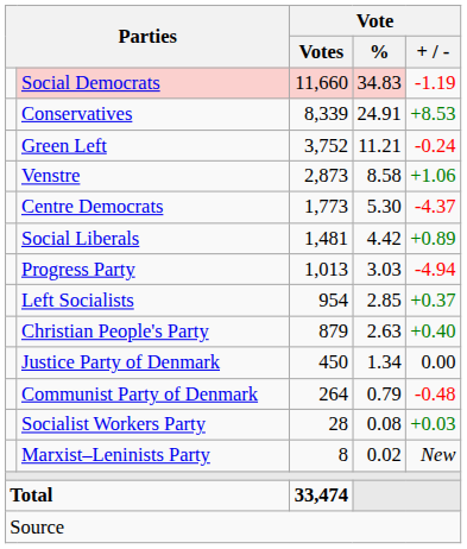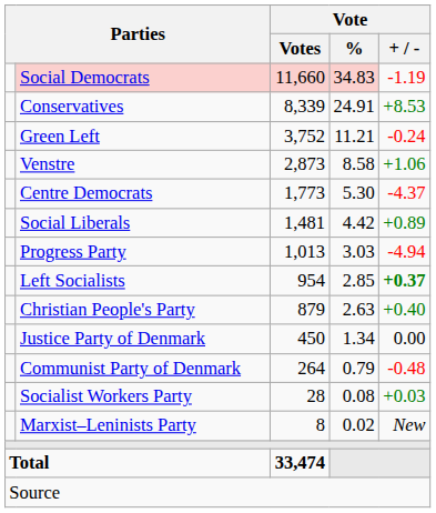 <table class="wikitable" style="text-align:right;">
 <tr>
 <th style="text-align:centre;" rowspan="2" colspan="2" width="225">Parties</th>
 <th colspan="3">Vote</th>
 </tr>
 <tr>
 <th width="15">Votes</th>
 <th width="15">%</th>
 <th width="15">+ / -</th>
 </tr>
 <tr>
 <td width="2" style="color:inherit;background:"></td>
 <td bgcolor=#fbd0ce  align="left"><a href='#'>Social Democrats</a></td>
 <td bgcolor=#fbd0ce>11,660</td>
 <td bgcolor=#fbd0ce>34.83</td>
 <td style=color:red;>-1.19</td>
 </tr>
 <tr>
 <td width="2" style="color:inherit;background:"></td>
 <td align="left"><a href='#'>Conservatives</a></td>
 <td>8,339</td>
 <td>24.91</td>
 <td style=color:green;>+8.53</td>
 </tr>
 <tr>
 <td width="2" style="color:inherit;background:"></td>
 <td align="left"><a href='#'>Green Left</a></td>
 <td>3,752</td>
 <td>11.21</td>
 <td style=color:red;>-0.24</td>
 </tr>
 <tr>
 <td width="2" style="color:inherit;background:"></td>
 <td align="left"><a href='#'>Venstre</a></td>
 <td>2,873</td>
 <td>8.58</td>
 <td style=color:green;>+1.06</td>
 </tr>
 <tr>
 <td width="2" style="color:inherit;background:"></td>
 <td align="left"><a href='#'>Centre Democrats</a></td>
 <td>1,773</td>
 <td>5.30</td>
 <td style=color:red;>-4.37</td>
 </tr>
 <tr>
 <td width="2" style="color:inherit;background:"></td>
 <td align="left"><a href='#'>Social Liberals</a></td>
 <td>1,481</td>
 <td>4.42</td>
 <td style=color:green;>+0.89</td>
 </tr>
 <tr>
 <td width="2" style="color:inherit;background:"></td>
 <td align="left"><a href='#'>Progress Party</a></td>
 <td>1,013</td>
 <td>3.03</td>
 <td style=color:red;>-4.94</td>
 </tr>
 <tr>
 <td width="2" style="color:inherit;background:"></td>
 <td align="left"><a href='#'>Left Socialists</a></td>
 <td>954</td>
 <td>2.85</td>
-<td style=color:green;>+0.37</td>
+<td style=color:green;><strong>+0.37</strong></td>
 </tr>
 <tr>
 <td width="2" style="color:inherit;background:"></td>
 <td align="left"><a href='#'>Christian People's Party</a></td>
 <td>879</td>
 <td>2.63</td>
 <td style=color:green;>+0.40</td>
 </tr>
 <tr>
 <td width="2" style="color:inherit;background:"></td>
 <td align="left"><a href='#'>Justice Party of Denmark</a></td>
 <td>450</td>
 <td>1.34</td>
 <td>0.00</td>
 </tr>
 <tr>
 <td width="2" style="color:inherit;background:"></td>
 <td align="left"><a href='#'>Communist Party of Denmark</a></td>
 <td>264</td>
 <td>0.79</td>
 <td style=color:red;>-0.48</td>
 </tr>
 <tr>
 <td width="2" style="color:inherit;background:"></td>
 <td align="left"><a href='#'>Socialist Workers Party</a></td>
 <td>28</td>
 <td>0.08</td>
 <td style=color:green;>+0.03</td>
 </tr>
 <tr>
 <td width="2" style="color:inherit;background:"></td>
 <td align="left"><a href='#'>Marxist–Leninists Party</a></td>
 <td>8</td>
 <td>0.02</td>
 <td><em>New</em></td>
 </tr>
 <tr>
 <td colspan="7" bgcolor="#E9E9E9"></td>
 </tr>
 <tr>
 <td align="left" colspan="2"><strong>Total</strong></td>
 <td><strong>33,474</strong></td>
 <td bgcolor="#E9E9E9" colspan="2"></td>
 </tr>
 <tr>
 <td align="left" colspan="6">Source</td>
 </tr>
 </table>
